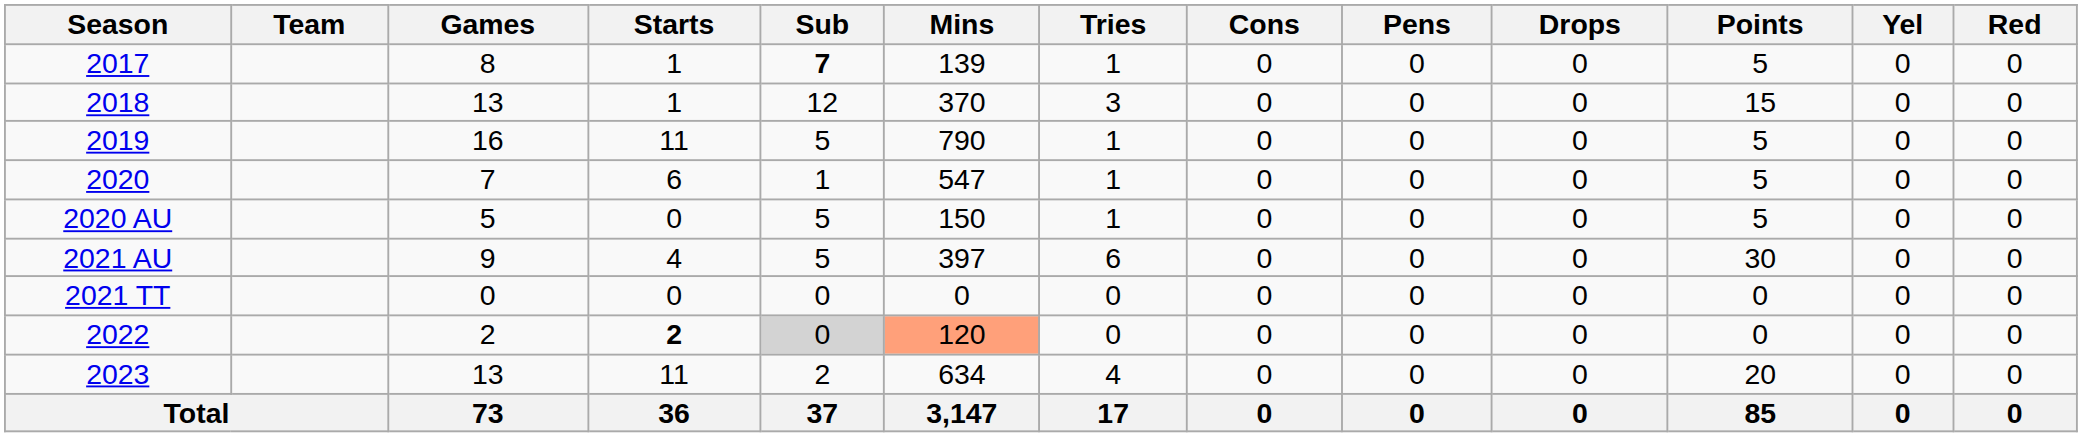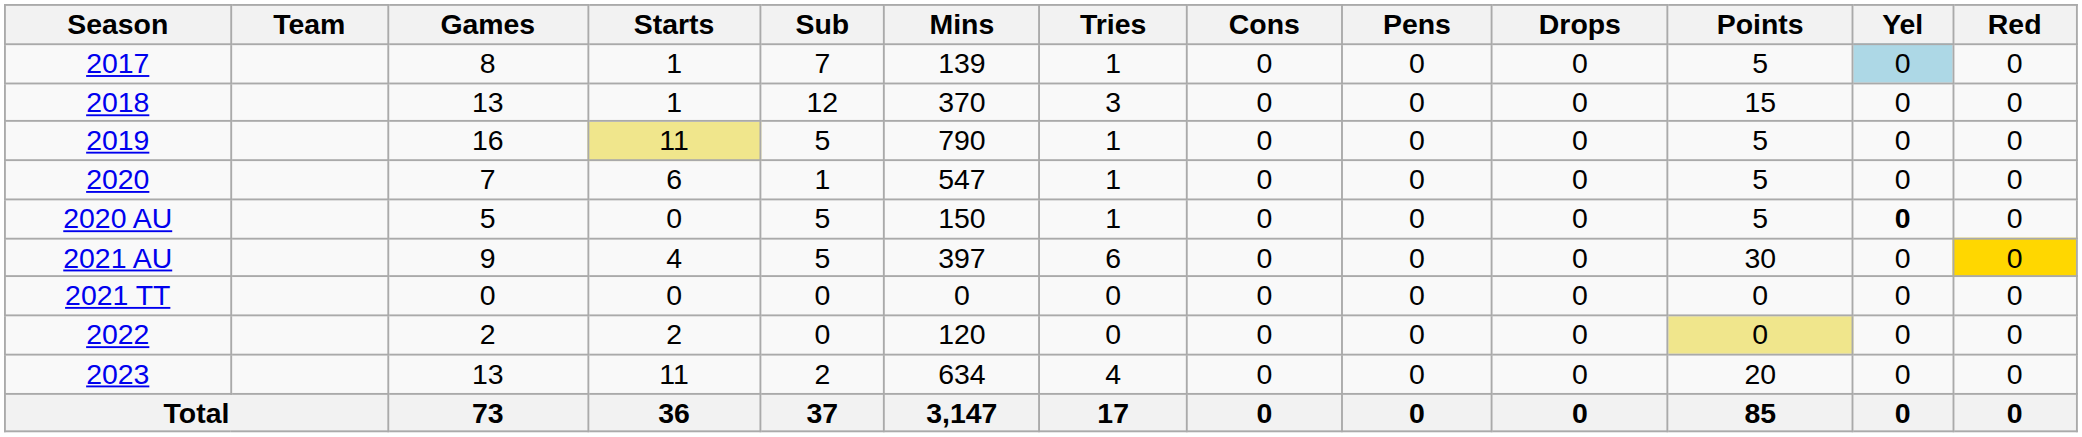 <table class="wikitable" style="text-align:center; line-height:90%; font-size:95%; width:70%;">
 <tr>
 <th>Season</th>
 <th>Team</th>
 <th>Games</th>
 <th>Starts</th>
 <th>Sub</th>
 <th>Mins</th>
 <th>Tries</th>
 <th>Cons</th>
 <th>Pens</th>
 <th>Drops</th>
 <th>Points</th>
 <th>Yel</th>
 <th>Red</th>
 </tr>
 <tr>
 <td><a href='#'>2017</a></td>
 <td></td>
 <td>8</td>
 <td>1</td>
-<td><strong>7</strong></td>
+<td>7</td>
 <td>139</td>
 <td>1</td>
 <td>0</td>
 <td>0</td>
 <td>0</td>
 <td>5</td>
-<td>0</td>
+<td style="background: lightblue;">0</td>
 <td>0</td>
 </tr>
 <tr>
 <td><a href='#'>2018</a></td>
 <td></td>
 <td>13</td>
 <td>1</td>
 <td>12</td>
 <td>370</td>
 <td>3</td>
 <td>0</td>
 <td>0</td>
 <td>0</td>
 <td>15</td>
 <td>0</td>
 <td>0</td>
 </tr>
 <tr>
 <td><a href='#'>2019</a></td>
 <td></td>
 <td>16</td>
-<td>11</td>
+<td style="background: khaki;">11</td>
 <td>5</td>
 <td>790</td>
 <td>1</td>
 <td>0</td>
 <td>0</td>
 <td>0</td>
 <td>5</td>
 <td>0</td>
 <td>0</td>
 </tr>
 <tr>
 <td><a href='#'>2020</a></td>
 <td></td>
 <td>7</td>
 <td>6</td>
 <td>1</td>
 <td>547</td>
 <td>1</td>
 <td>0</td>
 <td>0</td>
 <td>0</td>
 <td>5</td>
 <td>0</td>
 <td>0</td>
 </tr>
 <tr>
 <td><a href='#'>2020 AU</a></td>
 <td></td>
 <td>5</td>
 <td>0</td>
 <td>5</td>
 <td>150</td>
 <td>1</td>
 <td>0</td>
 <td>0</td>
 <td>0</td>
 <td>5</td>
-<td>0</td>
+<td><strong>0</strong></td>
 <td>0</td>
 </tr>
 <tr>
 <td><a href='#'>2021 AU</a></td>
 <td></td>
 <td>9</td>
 <td>4</td>
 <td>5</td>
 <td>397</td>
 <td>6</td>
 <td>0</td>
 <td>0</td>
 <td>0</td>
 <td>30</td>
 <td>0</td>
-<td>0</td>
+<td style="background: gold;">0</td>
 </tr>
 <tr>
 <td><a href='#'>2021 TT</a></td>
 <td></td>
 <td>0</td>
 <td>0</td>
 <td>0</td>
 <td>0</td>
 <td>0</td>
 <td>0</td>
 <td>0</td>
 <td>0</td>
 <td>0</td>
 <td>0</td>
 <td>0</td>
 </tr>
 <tr>
 <td><a href='#'>2022</a></td>
 <td></td>
 <td>2</td>
-<td><strong>2</strong></td>
-<td style="background: lightgrey;">0</td>
-<td style="background: lightsalmon;">120</td>
+<td>2</td>
+<td>0</td>
+<td>120</td>
 <td>0</td>
 <td>0</td>
 <td>0</td>
 <td>0</td>
-<td>0</td>
+<td style="background: khaki;">0</td>
 <td>0</td>
 <td>0</td>
 </tr>
 <tr>
 <td><a href='#'>2023</a></td>
 <td></td>
 <td>13</td>
 <td>11</td>
 <td>2</td>
 <td>634</td>
 <td>4</td>
 <td>0</td>
 <td>0</td>
 <td>0</td>
 <td>20</td>
 <td>0</td>
 <td>0</td>
 </tr>
 <tr>
 <th colspan="2">Total</th>
 <th>73</th>
 <th>36</th>
 <th>37</th>
 <th>3,147</th>
 <th>17</th>
 <th>0</th>
 <th>0</th>
 <th>0</th>
 <th>85</th>
 <th>0</th>
 <th>0</th>
 </tr>
 </table>
